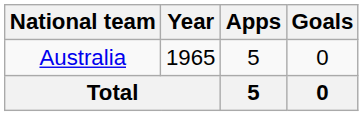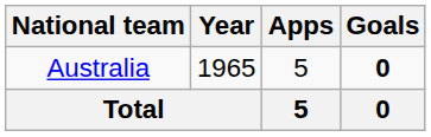 <table class=wikitable style="text-align: center">
 <tr>
 <th>National team</th>
 <th>Year</th>
 <th>Apps</th>
 <th>Goals</th>
 </tr>
 <tr>
 <td><a href='#'>Australia</a></td>
 <td>1965</td>
 <td>5</td>
-<td>0</td>
+<td><strong>0</strong></td>
 </tr>
 <tr>
 <th colspan=2>Total</th>
 <th>5</th>
 <th>0</th>
 </tr>
 </table>
